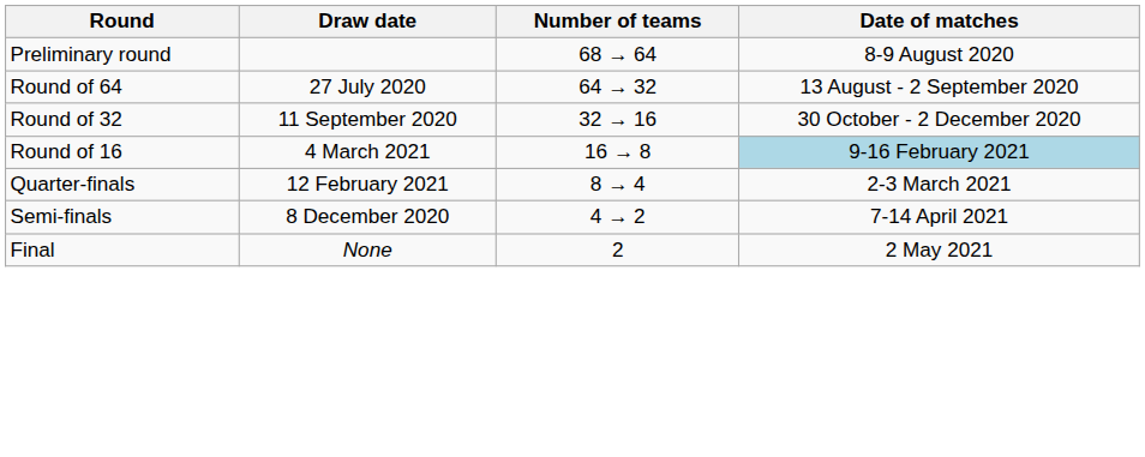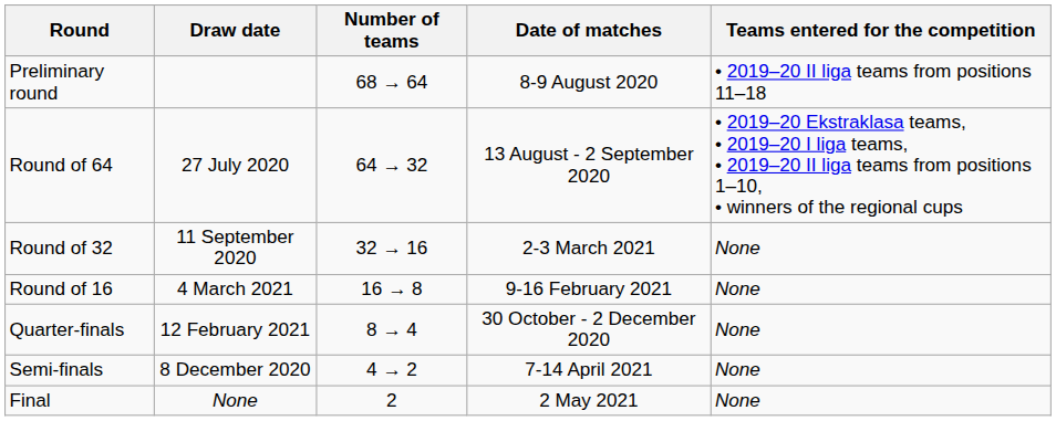 <table class="wikitable" style="width:100%; text–align:right">
 <tr>
 <th>Round</th>
 <th>Draw date</th>
 <th>Number of teams</th>
 <th>Date of matches</th>
+<th>Teams entered for the competition</th>
 </tr>
 <tr>
 <td align="left">Preliminary round</td>
 <td></td>
 <td align="center">68 → 64</td>
 <td align="center">8-9 August 2020</td>
+<td align="left">• <a href='#'>2019–20 II liga</a> teams from positions 11–18</td>
 </tr>
 <tr>
 <td align="left">Round of 64</td>
 <td align="center">27 July 2020</td>
 <td align="center">64 → 32</td>
 <td align="center">13 August - 2 September 2020</td>
+<td align="left">• <a href='#'>2019–20 Ekstraklasa</a> teams,<br>• <a href='#'>2019–20 I liga</a> teams,<br>• <a href='#'>2019–20 II liga</a> teams from positions 1–10,<br>• winners of the regional cups</td>
 </tr>
 <tr>
 <td align="left">Round of 32</td>
 <td align="center">11 September 2020</td>
 <td align="center">32 → 16</td>
-<td align="center">30 October - 2 December 2020</td>
+<td align="center">2-3 March 2021</td>
+<td><em>None</em></td>
 </tr>
 <tr>
 <td align="left">Round of 16</td>
 <td align="center">4 March 2021</td>
 <td align="center">16 → 8</td>
-<td align="center" style="background: lightblue;">9-16 February 2021</td>
+<td align="center">9-16 February 2021</td>
+<td><em>None</em></td>
 </tr>
 <tr>
 <td align="left">Quarter-finals</td>
 <td align="center">12 February 2021</td>
 <td align="center">8 → 4</td>
-<td align="center">2-3 March 2021</td>
+<td align="center">30 October - 2 December 2020</td>
+<td><em>None</em></td>
 </tr>
 <tr>
 <td align="left">Semi-finals</td>
 <td align="center">8 December 2020</td>
 <td align="center">4 → 2</td>
 <td align="center">7-14 April 2021</td>
+<td><em>None</em></td>
 </tr>
 <tr>
 <td align="left">Final</td>
 <td align="center"><em>None</em></td>
 <td align="center">2</td>
 <td align="center">2 May 2021</td>
+<td><em>None</em></td>
 </tr>
 </table>
